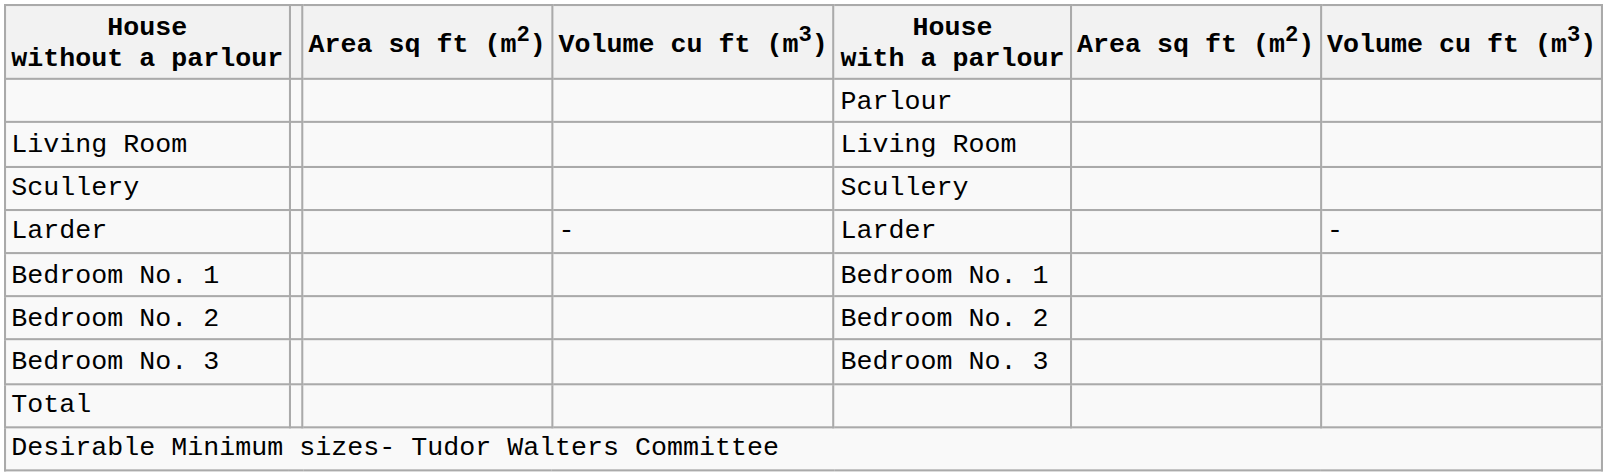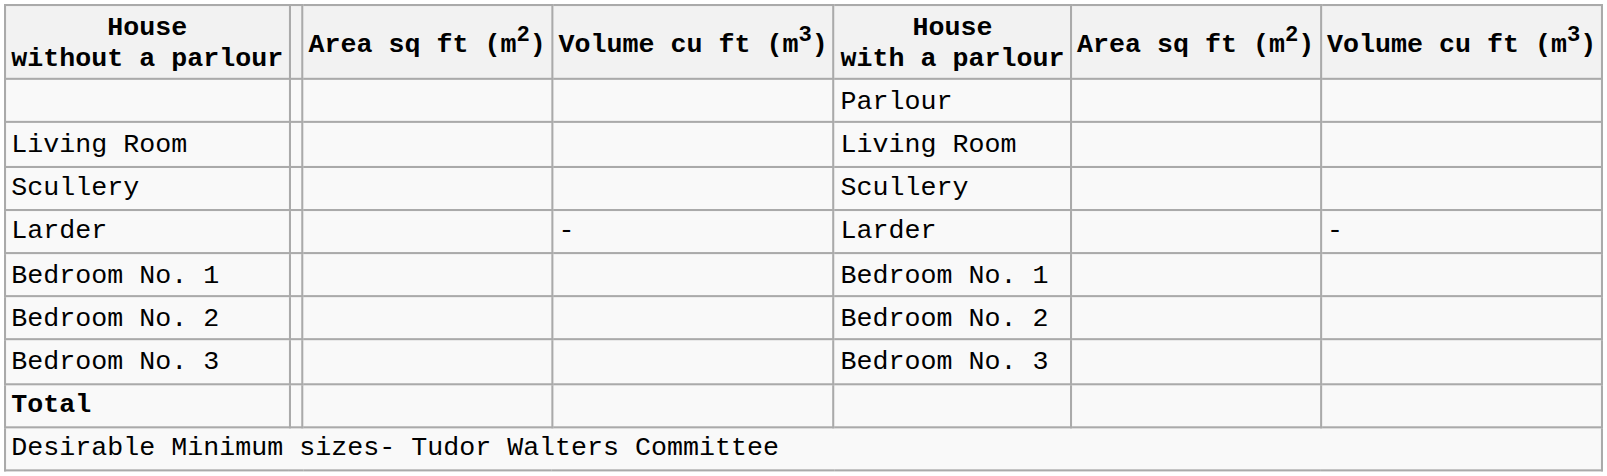 <table class="wikitable">
 <tr>
 <th>House<br>without a parlour</th>
 <th></th>
 <th>Area sq ft (m<sup>2</sup>)</th>
 <th>Volume cu ft (m<sup>3</sup>)</th>
 <th>House<br>with a parlour</th>
 <th>Area sq ft (m<sup>2</sup>)</th>
 <th>Volume cu ft (m<sup>3</sup>)</th>
 </tr>
 <tr>
 <td></td>
 <td></td>
 <td></td>
 <td></td>
 <td>Parlour</td>
 <td></td>
 <td></td>
 </tr>
 <tr>
 <td>Living Room</td>
 <td></td>
 <td></td>
 <td></td>
 <td>Living Room</td>
 <td></td>
 <td></td>
 </tr>
 <tr>
 <td>Scullery</td>
 <td></td>
 <td></td>
 <td></td>
 <td>Scullery</td>
 <td></td>
 <td></td>
 </tr>
 <tr>
 <td>Larder</td>
 <td></td>
 <td></td>
 <td>-</td>
 <td>Larder</td>
 <td></td>
 <td>-</td>
 </tr>
 <tr>
 <td>Bedroom No. 1</td>
 <td></td>
 <td></td>
 <td></td>
 <td>Bedroom No. 1</td>
 <td></td>
 <td></td>
 </tr>
 <tr>
 <td>Bedroom No. 2</td>
 <td></td>
 <td></td>
 <td></td>
 <td>Bedroom No. 2</td>
 <td></td>
 <td></td>
 </tr>
 <tr>
 <td>Bedroom No. 3</td>
 <td></td>
 <td></td>
 <td></td>
 <td>Bedroom No. 3</td>
 <td></td>
 <td></td>
 </tr>
 <tr>
-<td>Total</td>
+<td><strong>Total</strong></td>
 <td></td>
 <td></td>
 <td></td>
 <td></td>
 <td></td>
 <td></td>
 </tr>
 <tr>
 <td colspan="7">Desirable Minimum sizes- Tudor Walters Committee </td>
 </tr>
 </table>
